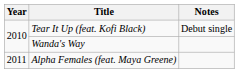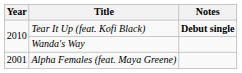 <table class="wikitable">
 <tr>
 <th>Year</th>
 <th>Title</th>
 <th>Notes</th>
 </tr>
 <tr>
 <td rowspan="2">2010</td>
 <td><em>Tear It Up (feat. Kofi Black)</em></td>
-<td>Debut single</td>
+<td><strong>Debut single</strong></td>
 </tr>
 <tr>
 <td><em>Wanda's Way</em></td>
 <td></td>
 </tr>
 <tr>
-<td>2011</td>
+<td>2001</td>
 <td><em>Alpha Females (feat. Maya Greene)</em></td>
 </tr>
 </table>
